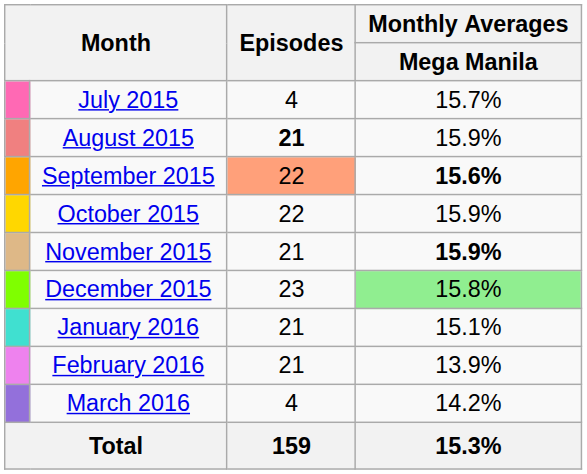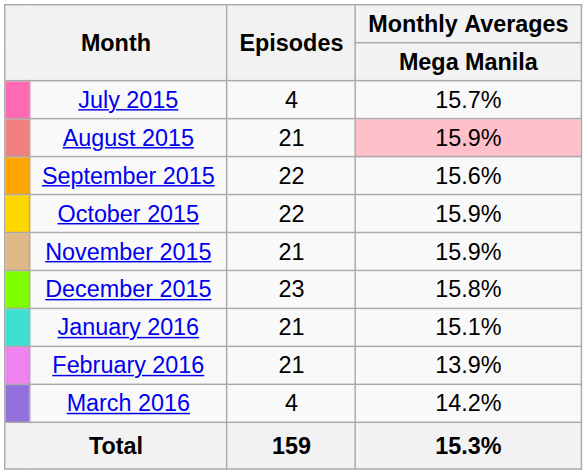 <table class="wikitable plainrowheaders" style="text-align: center; line-height:25px;">
 <tr class="wikitable" style="text-align: center;">
 <th colspan="2" rowspan="2" style="padding: 0 8px;">Month</th>
 <th rowspan="2" style="padding: 0 8px;">Episodes</th>
 <th colspan="2" style="padding: 0 8px;">Monthly Averages</th>
 </tr>
 <tr>
 <th style="padding: 0 8px;">Mega Manila</th>
 </tr>
 <tr>
 <td style="padding: 0 8px; background:#FF69B4;"></td>
 <td style="padding: 0 8px;" '><a href='#'>July 2015</a></td>
 <td style="padding: 0 8px;">4</td>
 <td style="padding: 0 8px;">15.7%</td>
 </tr>
 <tr>
 <td style="padding: 0 8px; background:#F08080;"></td>
 <td style="padding: 0 8px;" '><a href='#'>August 2015</a></td>
-<td style="padding: 0 8px;"><strong>21</strong></td>
-<td style="padding: 0 8px;">15.9%</td>
+<td style="padding: 0 8px;">21</td>
+<td style="background: pink; padding: 0 8px;">15.9%</td>
 </tr>
 <tr>
 <td style="padding: 0 8px; background:#FFA500;"></td>
 <td style="padding: 0 8px;" '><a href='#'>September 2015</a></td>
-<td style="background: lightsalmon; padding: 0 8px;">22</td>
-<td style="padding: 0 8px;"><strong>15.6%</strong></td>
+<td style="padding: 0 8px;">22</td>
+<td style="padding: 0 8px;">15.6%</td>
 </tr>
 <tr>
 <td style="padding: 0 8px; background:#FFD700;"></td>
 <td style="padding: 0 8px;" '><a href='#'>October 2015</a></td>
 <td style="padding: 0 8px;">22</td>
 <td style="padding: 0 8px;">15.9%</td>
 </tr>
 <tr>
 <td style="padding: 0 8px; background:#DEB887;"></td>
 <td style="padding: 0 8px;" '><a href='#'>November 2015</a></td>
 <td style="padding: 0 8px;">21</td>
-<td style="padding: 0 8px;"><strong>15.9%</strong></td>
+<td style="padding: 0 8px;">15.9%</td>
 </tr>
 <tr>
 <td style="padding: 0 8px; background:#7FFF00;"></td>
 <td style="padding: 0 8px;" '><a href='#'>December 2015</a></td>
 <td style="padding: 0 8px;">23</td>
-<td style="background: lightgreen; padding: 0 8px;">15.8%</td>
+<td style="padding: 0 8px;">15.8%</td>
 </tr>
 <tr>
 <td style="padding: 0 8px; background:#40E0D0;"></td>
 <td style="padding: 0 8px;" '><a href='#'>January 2016</a></td>
 <td style="padding: 0 8px;">21</td>
 <td style="padding: 0 8px;">15.1%</td>
 </tr>
 <tr>
 <td style="padding: 0 8px; background:#EE82EE;"></td>
 <td style="padding: 0 8px;" '><a href='#'>February 2016</a></td>
 <td style="padding: 0 8px;">21</td>
 <td style="padding: 0 8px;">13.9%</td>
 </tr>
 <tr>
 <td style="padding: 0 8px; background:#9370DB;"></td>
 <td style="padding: 0 8px;" '><a href='#'>March 2016</a></td>
 <td style="padding: 0 8px;">4</td>
 <td style="padding: 0 8px;">14.2%</td>
 </tr>
 <tr>
 <th colspan="2">Total</th>
 <th colspan="1">159</th>
 <th colspan="2">15.3%</th>
 </tr>
 </table>
